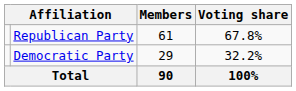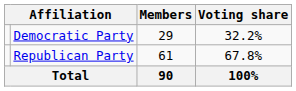 <table class=wikitable>
 <tr valign=bottom>
 <th colspan="2" style="text-align:center;">Affiliation</th>
 <th>Members</th>
 <th>Voting share</th>
 </tr>
 <tr>
 <td></td>
+<td><a href='#'>Democratic Party</a></td>
+<td align=center>29</td>
+<td align=center>32.2%</td>
+</tr>
+<tr>
+<td></td>
 <td><a href='#'>Republican Party</a></td>
 <td align=center>61</td>
 <td align=center>67.8%</td>
-</tr>
-<tr>
-<td></td>
-<td><a href='#'>Democratic Party</a></td>
-<td align=center>29</td>
-<td align=center>32.2%</td>
 </tr>
 <tr>
 <th colspan=2>Total</th>
 <th>90</th>
 <th>100%</th>
 </tr>
 </table>
